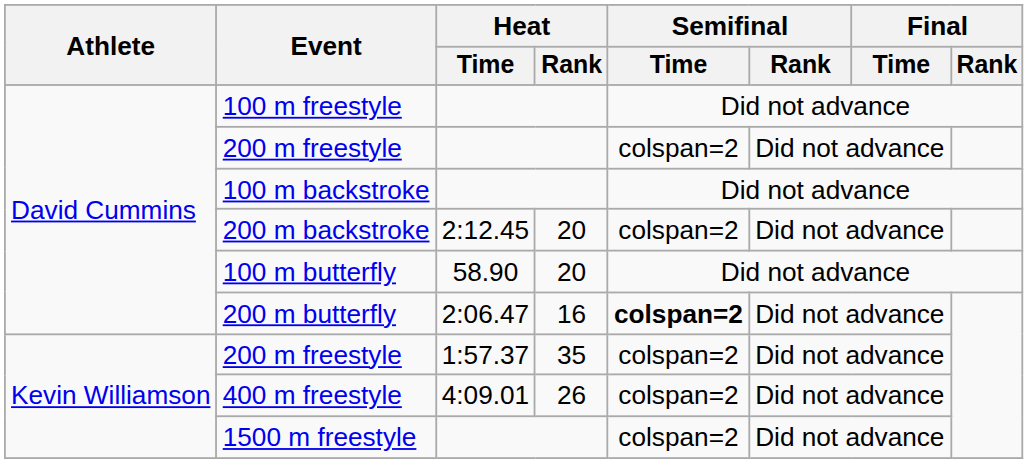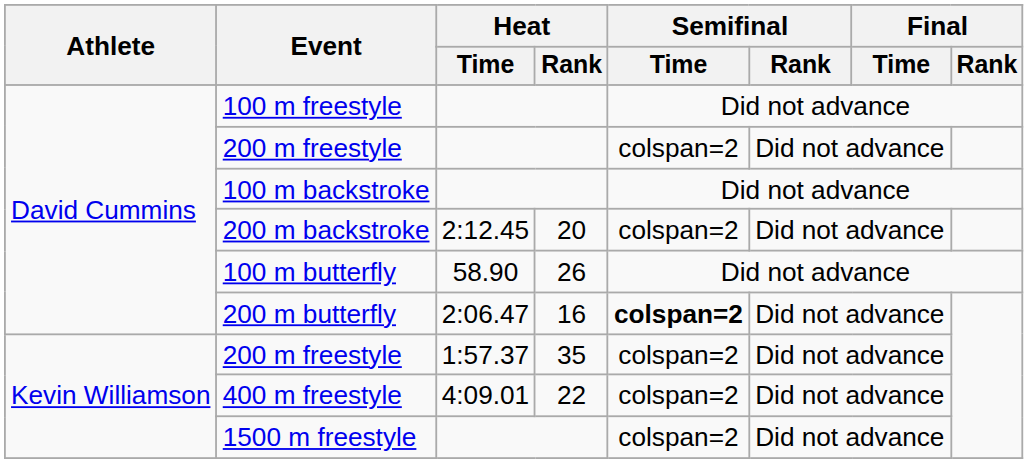 <table class=wikitable style="font-size:90%;">
 <tr>
 <th rowspan=2>Athlete</th>
 <th rowspan=2>Event</th>
 <th colspan=2>Heat</th>
 <th colspan=2>Semifinal</th>
 <th colspan=2>Final</th>
 </tr>
 <tr style="font-size:95%">
 <th>Time</th>
 <th>Rank</th>
 <th>Time</th>
 <th>Rank</th>
 <th>Time</th>
 <th>Rank</th>
 </tr>
 <tr align=center>
 <td rowspan=6 align=left><a href='#'>David Cummins</a></td>
 <td align=left><a href='#'>100 m freestyle</a></td>
 <td colspan=2></td>
 <td colspan=4>Did not advance</td>
 </tr>
 <tr align=center>
 <td align=left><a href='#'>200 m freestyle</a></td>
 <td colspan=2></td>
 <td>colspan=2 </td>
 <td colspan=2>Did not advance</td>
 </tr>
 <tr align=center>
 <td align=left><a href='#'>100 m backstroke</a></td>
 <td colspan=2></td>
 <td colspan=4>Did not advance</td>
 </tr>
 <tr align=center>
 <td align=left><a href='#'>200 m backstroke</a></td>
 <td>2:12.45</td>
 <td>20</td>
 <td>colspan=2 </td>
 <td colspan=2>Did not advance</td>
 </tr>
 <tr align=center>
 <td align=left><a href='#'>100 m butterfly</a></td>
 <td>58.90</td>
-<td>20</td>
+<td>26</td>
 <td colspan=4>Did not advance</td>
 </tr>
 <tr align=center>
 <td align=left><a href='#'>200 m butterfly</a></td>
 <td>2:06.47</td>
 <td>16</td>
 <td><strong>colspan=2 </strong></td>
 <td colspan=2>Did not advance</td>
 </tr>
 <tr align=center>
 <td rowspan=3 align=left><a href='#'>Kevin Williamson</a></td>
 <td align=left><a href='#'>200 m freestyle</a></td>
 <td>1:57.37</td>
 <td>35</td>
 <td>colspan=2 </td>
 <td colspan=2>Did not advance</td>
 </tr>
 <tr align=center>
 <td align=left><a href='#'>400 m freestyle</a></td>
 <td>4:09.01</td>
-<td>26</td>
+<td>22</td>
 <td>colspan=2 </td>
 <td colspan=2>Did not advance</td>
 </tr>
 <tr align=center>
 <td align=left><a href='#'>1500 m freestyle</a></td>
 <td colspan=2></td>
 <td>colspan=2 </td>
 <td colspan=2>Did not advance</td>
 </tr>
 </table>
